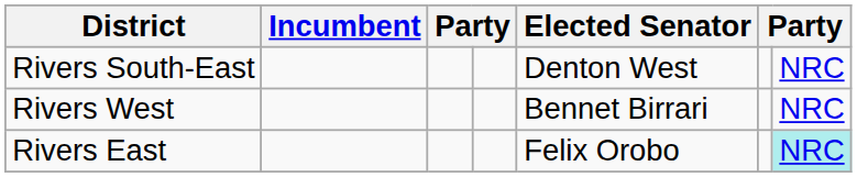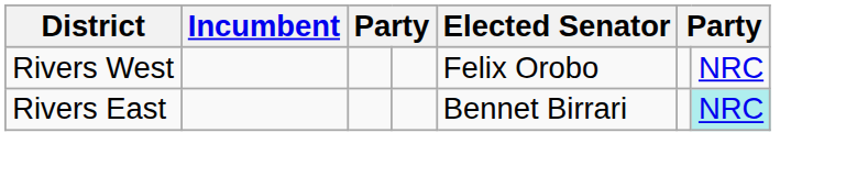 <table class="sortable wikitable" style="font-size:95%;line-height:14px;">
 <tr>
 <th class="unsortable">District</th>
 <th class="unsortable"><a href='#'>Incumbent</a></th>
 <th colspan="2">Party</th>
 <th class="unsortable">Elected Senator</th>
 <th colspan="2">Party</th>
 </tr>
 <tr>
-<td>Rivers South-East</td>
-<td></td>
-<td></td>
-<td></td>
-<td>Denton West</td>
-<td style="background:"></td>
-<td><a href='#'>NRC</a></td>
-</tr>
-<tr>
 <td>Rivers West</td>
 <td></td>
 <td></td>
 <td></td>
-<td>Bennet Birrari</td>
+<td>Felix Orobo</td>
 <td style="background:"></td>
 <td><a href='#'>NRC</a></td>
 </tr>
 <tr>
 <td>Rivers East</td>
 <td></td>
 <td></td>
 <td></td>
-<td>Felix Orobo</td>
+<td>Bennet Birrari</td>
 <td style="background:"></td>
 <td style="background: paleturquoise;"><a href='#'>NRC</a></td>
 </tr>
 </table>
